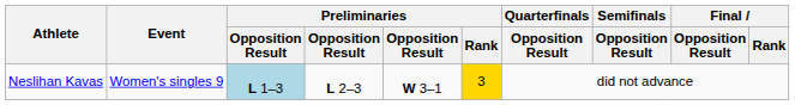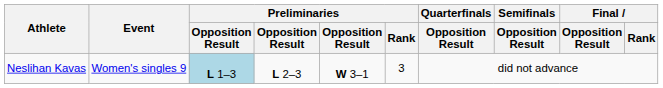 <table class=wikitable style="font-size:90%">
 <tr>
 <th rowspan="2">Athlete</th>
 <th rowspan="2">Event</th>
 <th colspan="4">Preliminaries</th>
 <th>Quarterfinals</th>
 <th>Semifinals</th>
 <th colspan="2">Final / </th>
 </tr>
 <tr>
 <th>Opposition<br>Result</th>
 <th>Opposition<br>Result</th>
 <th>Opposition<br>Result</th>
 <th>Rank</th>
 <th>Opposition<br>Result</th>
 <th>Opposition<br>Result</th>
 <th>Opposition<br>Result</th>
 <th>Rank</th>
 </tr>
 <tr>
 <td><a href='#'>Neslihan Kavas</a></td>
 <td><a href='#'>Women's singles 9</a></td>
 <td align="center" style="background: lightblue;"><br><strong>L</strong> 1–3</td>
 <td align="center"><br><strong>L</strong> 2–3</td>
 <td align="center"><br><strong>W</strong> 3–1</td>
-<td align="center" style="background: gold;">3</td>
+<td align="center">3</td>
 <td align="center" colspan="4">did not advance</td>
 </tr>
 </table>
